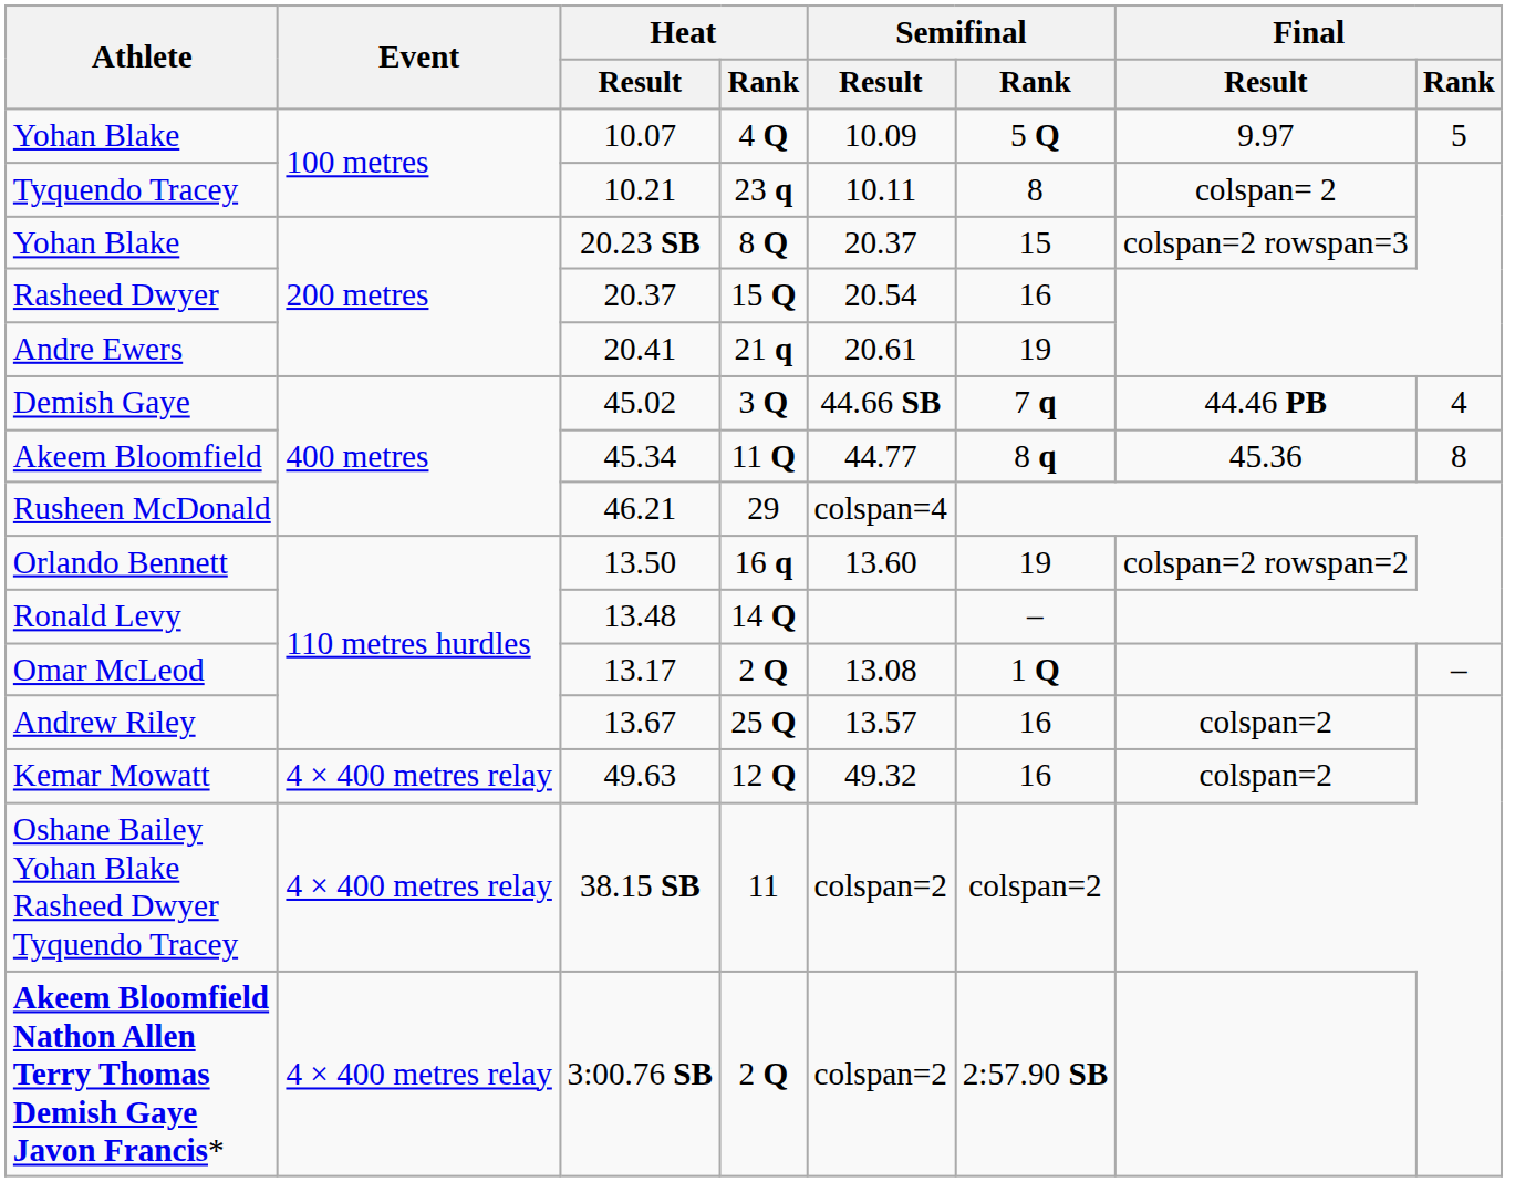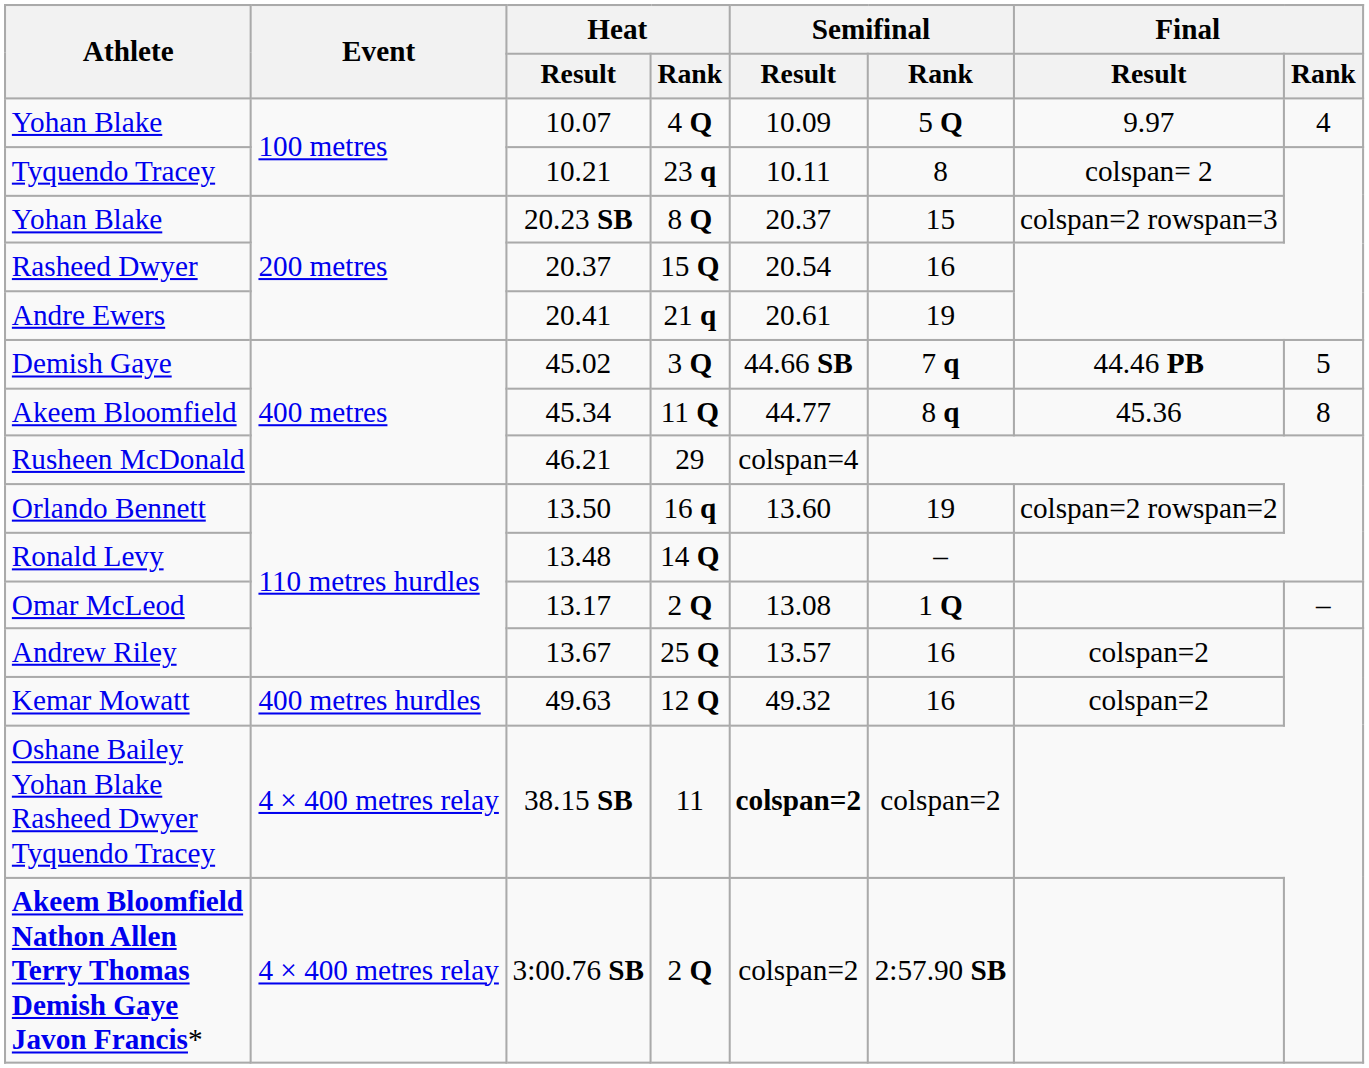 <table class="wikitable" style="font-size:90%">
 <tr>
 <th rowspan="2">Athlete</th>
 <th rowspan="2">Event</th>
 <th colspan="2">Heat</th>
 <th colspan="2">Semifinal</th>
 <th colspan="2">Final</th>
 </tr>
 <tr style="font-size:95%">
 <th>Result</th>
 <th>Rank</th>
 <th>Result</th>
 <th>Rank</th>
 <th>Result</th>
 <th>Rank</th>
 </tr>
 <tr style=text-align:center>
 <td style=text-align:left><a href='#'>Yohan Blake</a></td>
 <td style=text-align:left rowspan=2><a href='#'>100 metres</a></td>
 <td>10.07</td>
 <td>4 <strong>Q</strong></td>
 <td>10.09</td>
 <td>5 <strong>Q</strong></td>
 <td>9.97</td>
-<td>5</td>
+<td>4</td>
 </tr>
 <tr style=text-align:center>
 <td style=text-align:left><a href='#'>Tyquendo Tracey</a></td>
 <td>10.21</td>
 <td>23 <strong>q</strong></td>
 <td>10.11</td>
 <td>8</td>
 <td>colspan= 2 </td>
 </tr>
 <tr style=text-align:center>
 <td style=text-align:left><a href='#'>Yohan Blake</a></td>
 <td style=text-align:left rowspan=3><a href='#'>200 metres</a></td>
 <td>20.23 <strong>SB</strong></td>
 <td>8 <strong>Q</strong></td>
 <td>20.37</td>
 <td>15</td>
 <td>colspan=2 rowspan=3 </td>
 </tr>
 <tr style=text-align:center>
 <td style=text-align:left><a href='#'>Rasheed Dwyer</a></td>
 <td>20.37</td>
 <td>15 <strong>Q</strong></td>
 <td>20.54</td>
 <td>16</td>
 </tr>
 <tr style=text-align:center>
 <td style=text-align:left><a href='#'>Andre Ewers</a></td>
 <td>20.41</td>
 <td>21 <strong>q</strong></td>
 <td>20.61</td>
 <td>19</td>
 </tr>
 <tr style=text-align:center>
 <td style=text-align:left><a href='#'>Demish Gaye</a></td>
 <td style=text-align:left rowspan=3><a href='#'>400 metres</a></td>
 <td>45.02</td>
 <td>3 <strong>Q</strong></td>
 <td>44.66 <strong>SB</strong></td>
 <td>7 <strong>q</strong></td>
 <td>44.46 <strong>PB</strong></td>
-<td>4</td>
+<td>5</td>
 </tr>
 <tr style=text-align:center>
 <td style=text-align:left><a href='#'>Akeem Bloomfield</a></td>
 <td>45.34</td>
 <td>11 <strong>Q</strong></td>
 <td>44.77</td>
 <td>8 <strong>q</strong></td>
 <td>45.36</td>
 <td>8</td>
 </tr>
 <tr style=text-align:center>
 <td style=text-align:left><a href='#'>Rusheen McDonald</a></td>
 <td>46.21</td>
 <td>29</td>
 <td>colspan=4</td>
 </tr>
 <tr style=text-align:center>
 <td style=text-align:left><a href='#'>Orlando Bennett</a></td>
 <td style=text-align:left rowspan=4><a href='#'>110 metres hurdles</a></td>
 <td>13.50</td>
 <td>16 <strong>q</strong></td>
 <td>13.60</td>
 <td>19</td>
 <td>colspan=2 rowspan=2 </td>
 </tr>
 <tr style=text-align:center>
 <td style=text-align:left><a href='#'>Ronald Levy</a></td>
 <td>13.48</td>
 <td>14 <strong>Q</strong></td>
 <td></td>
 <td>–</td>
 </tr>
 <tr style=text-align:center>
 <td style=text-align:left><a href='#'>Omar McLeod</a></td>
 <td>13.17</td>
 <td>2 <strong>Q</strong></td>
 <td>13.08</td>
 <td>1 <strong>Q</strong></td>
 <td></td>
 <td>–</td>
 </tr>
 <tr style=text-align:center>
 <td style=text-align:left><a href='#'>Andrew Riley</a></td>
 <td>13.67</td>
 <td>25 <strong>Q</strong></td>
 <td>13.57</td>
 <td>16</td>
 <td>colspan=2</td>
 </tr>
 <tr style=text-align:center>
 <td style=text-align:left><a href='#'>Kemar Mowatt</a></td>
-<td style=text-align:left><a href='#'>4 × 400 metres relay</a></td>
+<td style=text-align:left><a href='#'>400 metres hurdles</a></td>
 <td>49.63</td>
 <td>12 <strong>Q</strong></td>
 <td>49.32</td>
 <td>16</td>
 <td>colspan=2</td>
 </tr>
 <tr style=text-align:center>
 <td style=text-align:left><a href='#'>Oshane Bailey</a><br><a href='#'>Yohan Blake</a><br><a href='#'>Rasheed Dwyer</a><br><a href='#'>Tyquendo Tracey</a></td>
 <td style=text-align:left><a href='#'>4 × 400 metres relay</a></td>
 <td>38.15 <strong>SB</strong></td>
 <td>11</td>
-<td>colspan=2 </td>
+<td><strong>colspan=2 </strong></td>
 <td>colspan=2 </td>
 </tr>
 <tr style=text-align:center>
 <td style=text-align:left><strong><a href='#'>Akeem Bloomfield</a><br><a href='#'>Nathon Allen</a><br><a href='#'>Terry Thomas</a><br><a href='#'>Demish Gaye</a><br><a href='#'>Javon Francis</a></strong>*</td>
 <td style=text-align:left><a href='#'>4 × 400 metres relay</a></td>
 <td>3:00.76 <strong>SB</strong></td>
 <td>2 <strong>Q</strong></td>
 <td>colspan=2 </td>
 <td>2:57.90 <strong>SB</strong></td>
 <td></td>
 </tr>
 </table>
